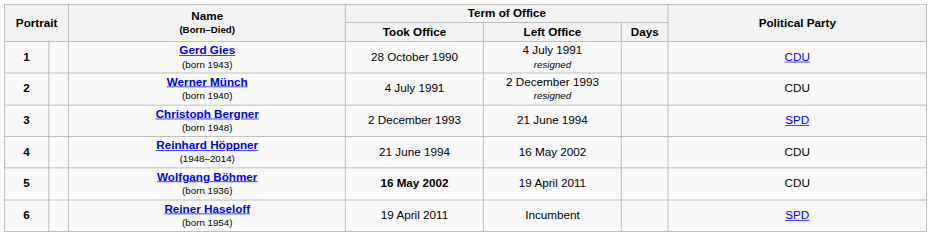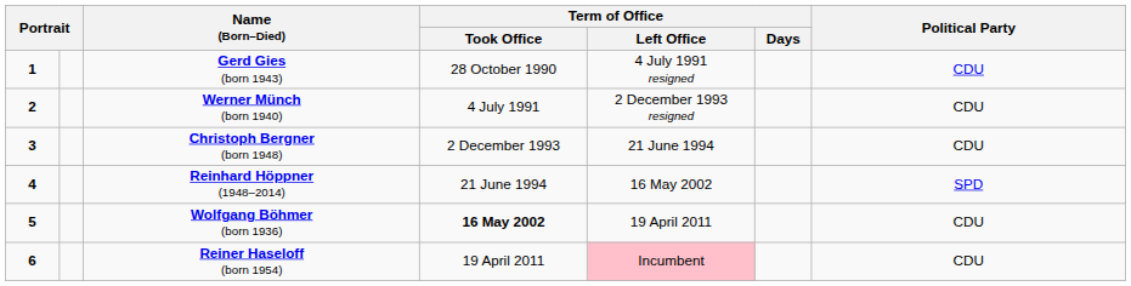 <table class="wikitable" style="text-align:center; width:100%; border:1px #AAAAFF solid">
 <tr>
 <th width=80px rowspan=2 colspan=2>Portrait</th>
 <th width=30% rowspan=2>Name<br><small>(Born–Died)</small></th>
 <th width=35% colspan=3>Term of Office</th>
 <th width=28% rowspan=2>Political Party</th>
 </tr>
 <tr>
 <th>Took Office</th>
 <th>Left Office</th>
 <th>Days</th>
 </tr>
 <tr>
 <td style="background:"><strong>1</strong></td>
 <td></td>
 <td><strong><a href='#'>Gerd Gies</a></strong><br><small>(born 1943)</small></td>
 <td>28 October 1990</td>
 <td>4 July 1991<br><small><em>resigned</em></small></td>
 <td></td>
 <td><a href='#'>CDU</a></td>
 </tr>
 <tr>
 <td style="background:"><strong>2</strong></td>
 <td></td>
 <td><strong><a href='#'>Werner Münch</a></strong><br><small>(born 1940)</small></td>
 <td>4 July 1991</td>
 <td>2 December 1993<br><small><em>resigned</em></small></td>
 <td></td>
 <td>CDU</td>
 </tr>
 <tr>
 <td style="background:"><strong>3</strong></td>
 <td></td>
 <td><strong><a href='#'>Christoph Bergner</a></strong><br><small>(born 1948)</small></td>
 <td>2 December 1993</td>
 <td>21 June 1994</td>
 <td></td>
-<td><a href='#'>SPD</a></td>
+<td>CDU</td>
 </tr>
 <tr>
 <td style="background:"><strong>4</strong></td>
 <td></td>
 <td><strong><a href='#'>Reinhard Höppner</a></strong><br><small>(1948–2014)</small></td>
 <td>21 June 1994</td>
 <td>16 May 2002</td>
 <td></td>
-<td>CDU</td>
+<td><a href='#'>SPD</a></td>
 </tr>
 <tr>
 <td style="background:"><strong>5</strong></td>
 <td></td>
 <td><strong><a href='#'>Wolfgang Böhmer</a></strong><br><small>(born 1936)</small></td>
 <td><strong>16 May 2002</strong></td>
 <td>19 April 2011</td>
 <td></td>
 <td>CDU</td>
 </tr>
 <tr>
 <td style="background:"><strong>6</strong></td>
 <td></td>
 <td><strong><a href='#'>Reiner Haseloff</a></strong><br><small>(born 1954)</small></td>
 <td>19 April 2011</td>
-<td>Incumbent</td>
+<td style="background: pink;">Incumbent</td>
 <td></td>
-<td><a href='#'>SPD</a></td>
+<td>CDU</td>
 </tr>
 </table>
